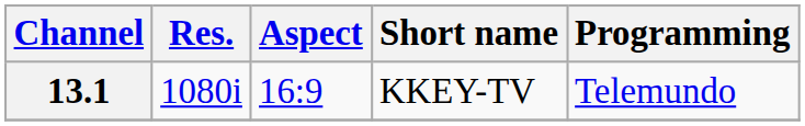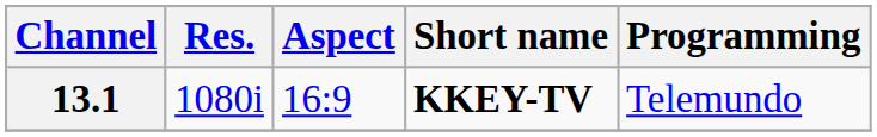 <table class="wikitable">
 <tr>
 <th><a href='#'>Channel</a></th>
 <th><a href='#'>Res.</a></th>
 <th><a href='#'>Aspect</a></th>
 <th>Short name</th>
 <th>Programming</th>
 </tr>
 <tr>
 <th scope = "row">13.1</th>
 <td><a href='#'>1080i</a></td>
 <td><a href='#'>16:9</a></td>
-<td>KKEY-TV</td>
+<td><strong>KKEY-TV</strong></td>
 <td><a href='#'>Telemundo</a></td>
 </tr>
 <tr>
 </tr>
 </table>
